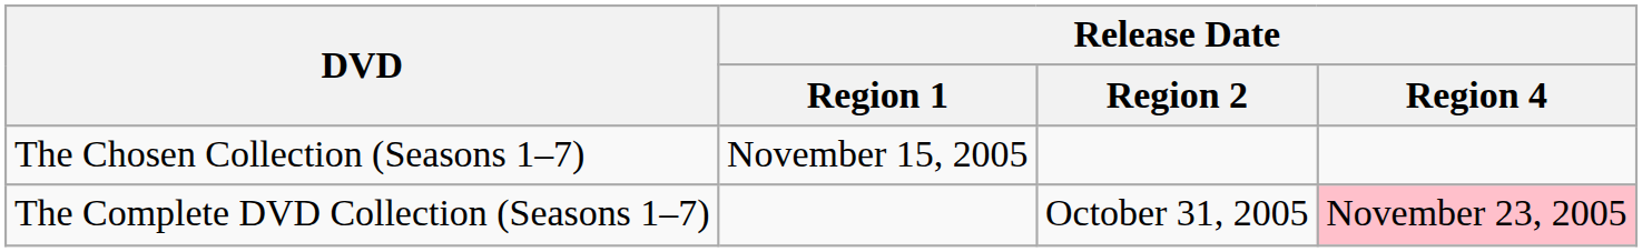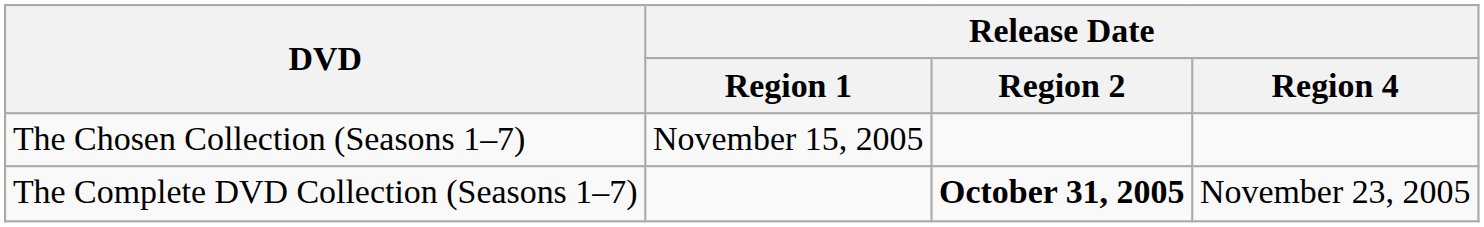 <table class="wikitable">
 <tr>
 <th rowspan="2">DVD</th>
 <th colspan="3">Release Date</th>
 </tr>
 <tr>
 <th>Region 1</th>
 <th>Region 2</th>
 <th>Region 4</th>
 </tr>
 <tr>
 <td>The Chosen Collection (Seasons 1–7)</td>
 <td>November 15, 2005</td>
 <td align="center"></td>
 </tr>
 <tr>
 <td>The Complete DVD Collection (Seasons 1–7)</td>
 <td align="center"></td>
-<td>October 31, 2005</td>
-<td style="background: pink;">November 23, 2005</td>
+<td><strong>October 31, 2005</strong></td>
+<td>November 23, 2005</td>
 </tr>
 </table>
